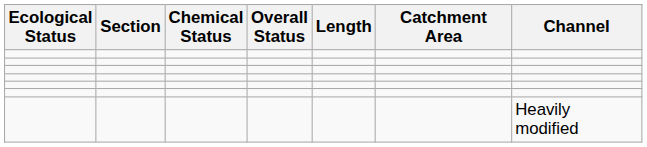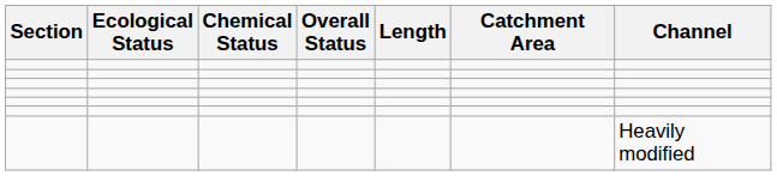 <table class="wikitable">
 <tr>
+<th>Section</th>
 <th>Ecological<br>Status</th>
-<th>Section</th>
 <th>Chemical<br>Status</th>
 <th>Overall<br>Status</th>
 <th>Length</th>
 <th>Catchment Area</th>
 <th>Channel</th>
 </tr>
 <tr>
 <td></td>
 <td></td>
 <td></td>
 <td></td>
 <td></td>
 <td></td>
 <td></td>
 </tr>
 <tr>
 <td></td>
 <td></td>
 <td></td>
 <td></td>
 <td></td>
 <td></td>
 <td></td>
 </tr>
 <tr>
 <td></td>
 <td></td>
 <td></td>
 <td></td>
 <td></td>
 <td></td>
 <td></td>
 </tr>
 <tr>
 <td></td>
 <td></td>
 <td></td>
 <td></td>
 <td></td>
 <td></td>
 <td></td>
 </tr>
 <tr>
 <td></td>
 <td></td>
 <td></td>
 <td></td>
 <td></td>
 <td></td>
 <td></td>
 </tr>
 <tr>
 <td></td>
 <td></td>
 <td></td>
 <td></td>
 <td></td>
 <td></td>
 <td></td>
 </tr>
 <tr>
 <td></td>
 <td></td>
 <td></td>
 <td></td>
 <td></td>
 <td></td>
 <td>Heavily modified</td>
 </tr>
 </table>
